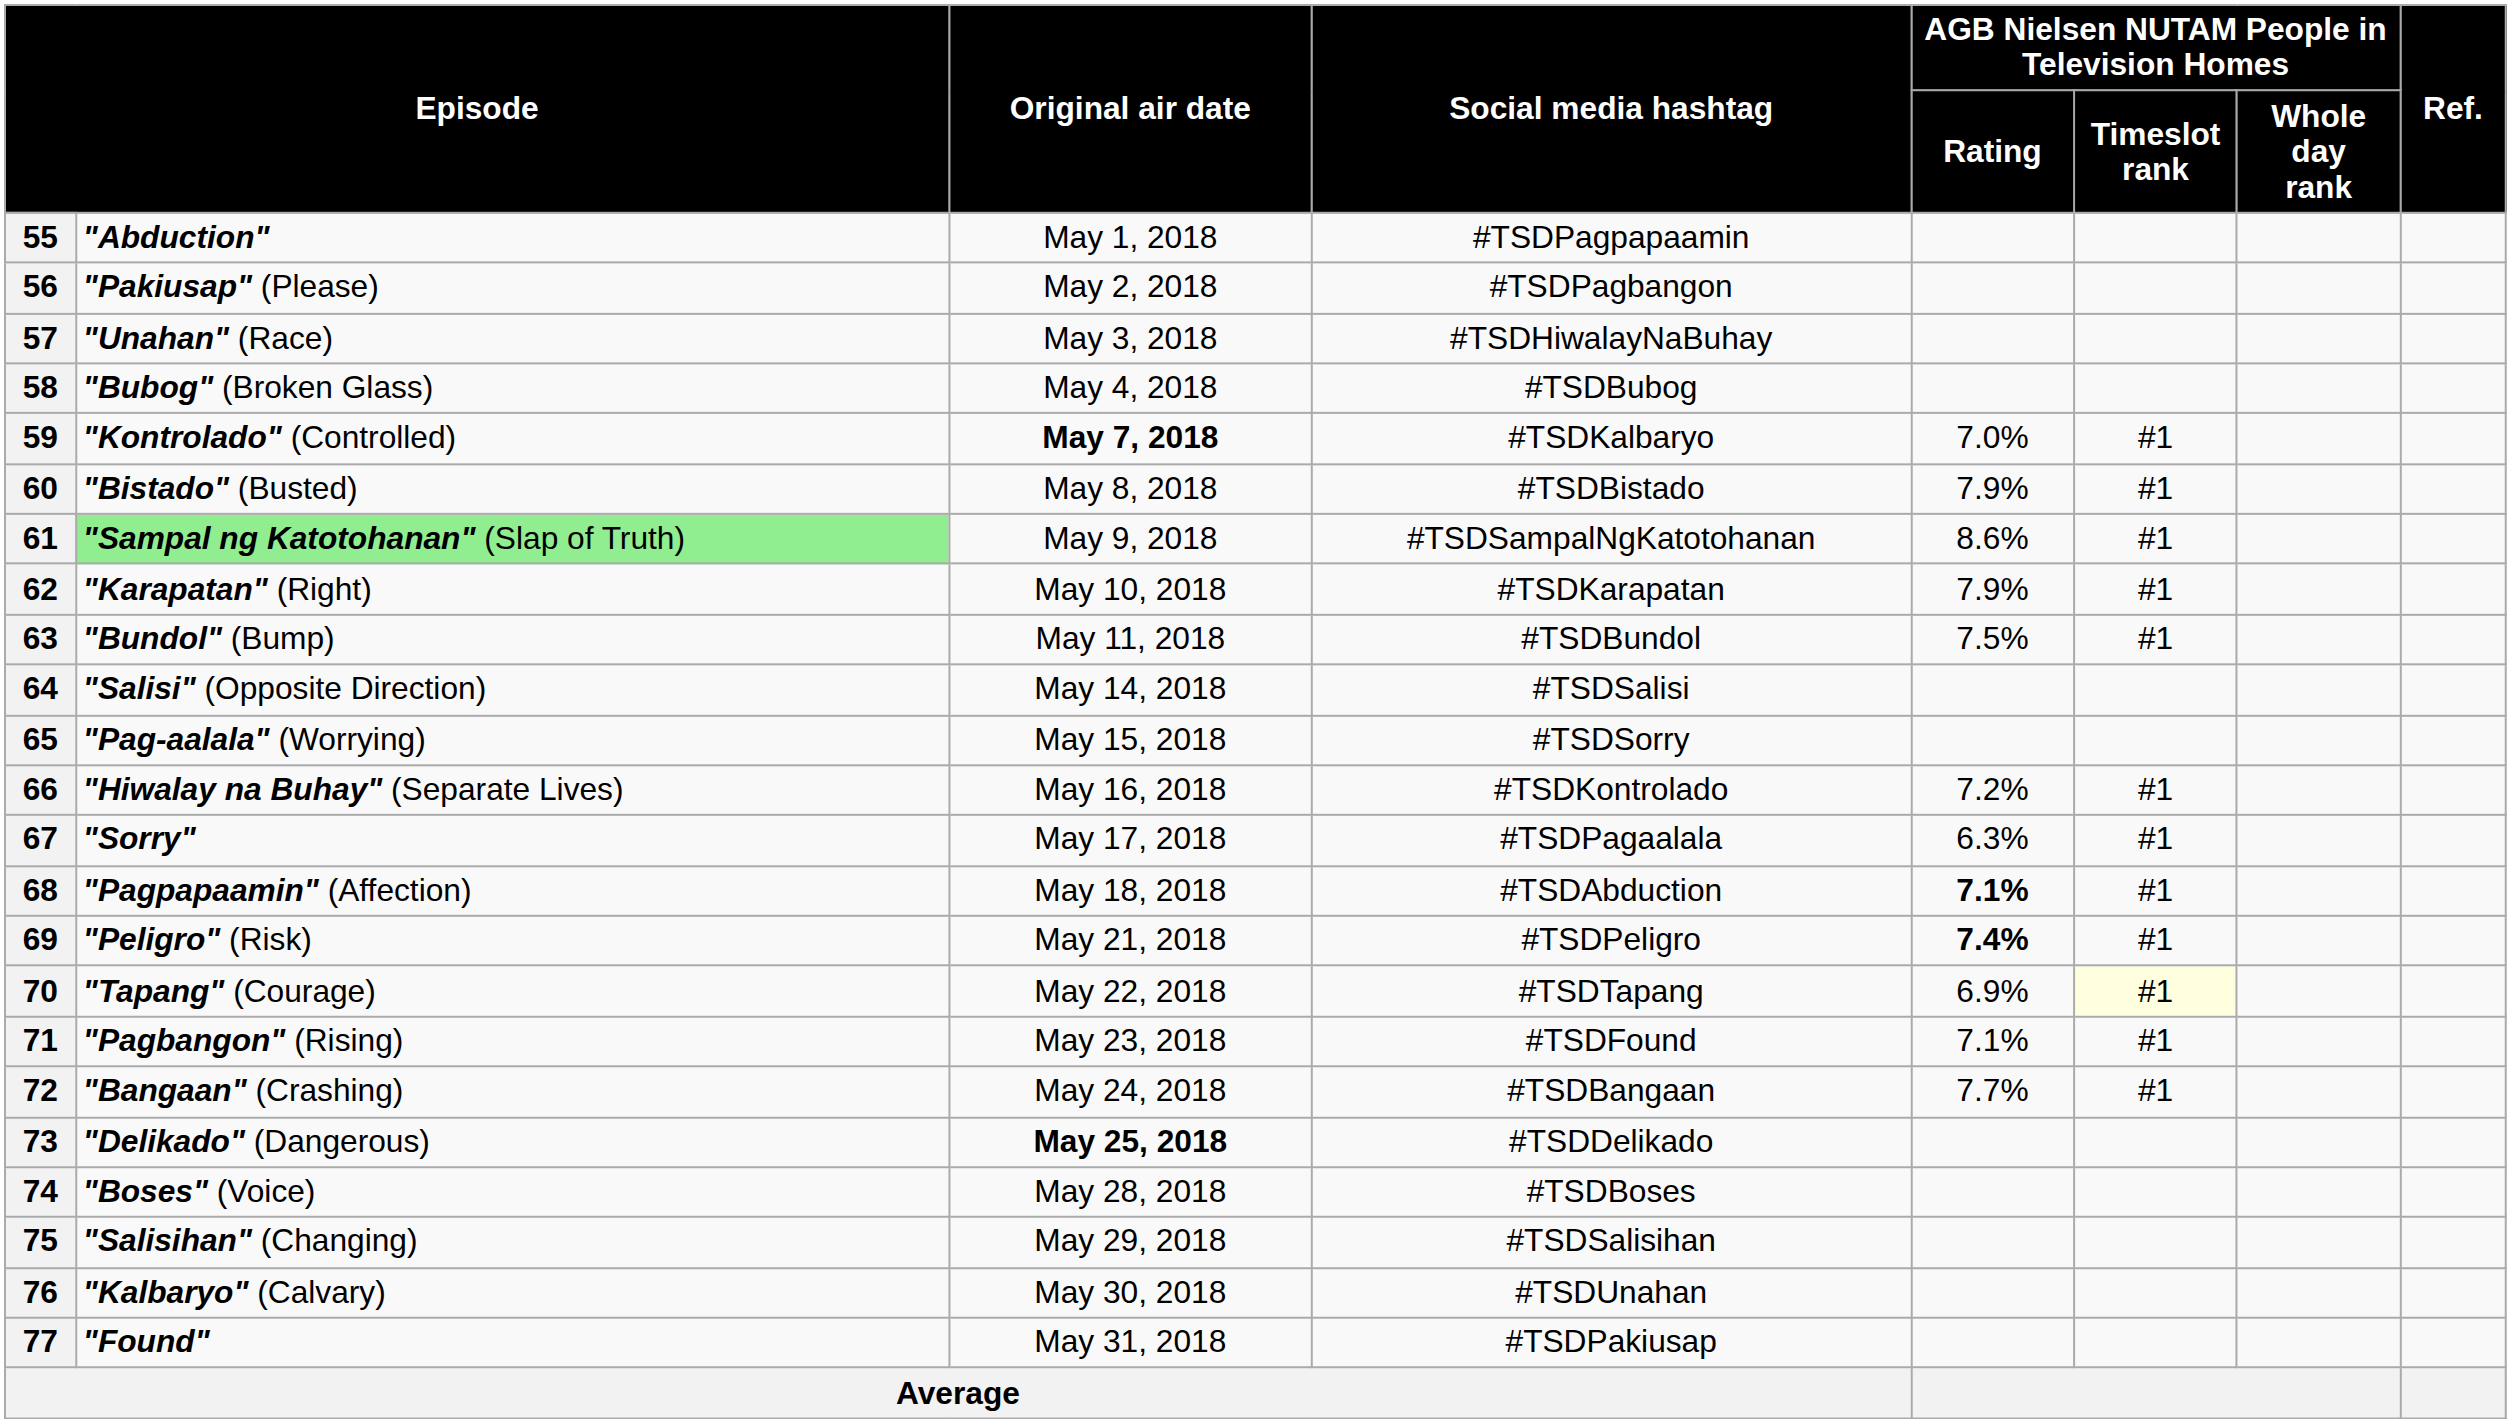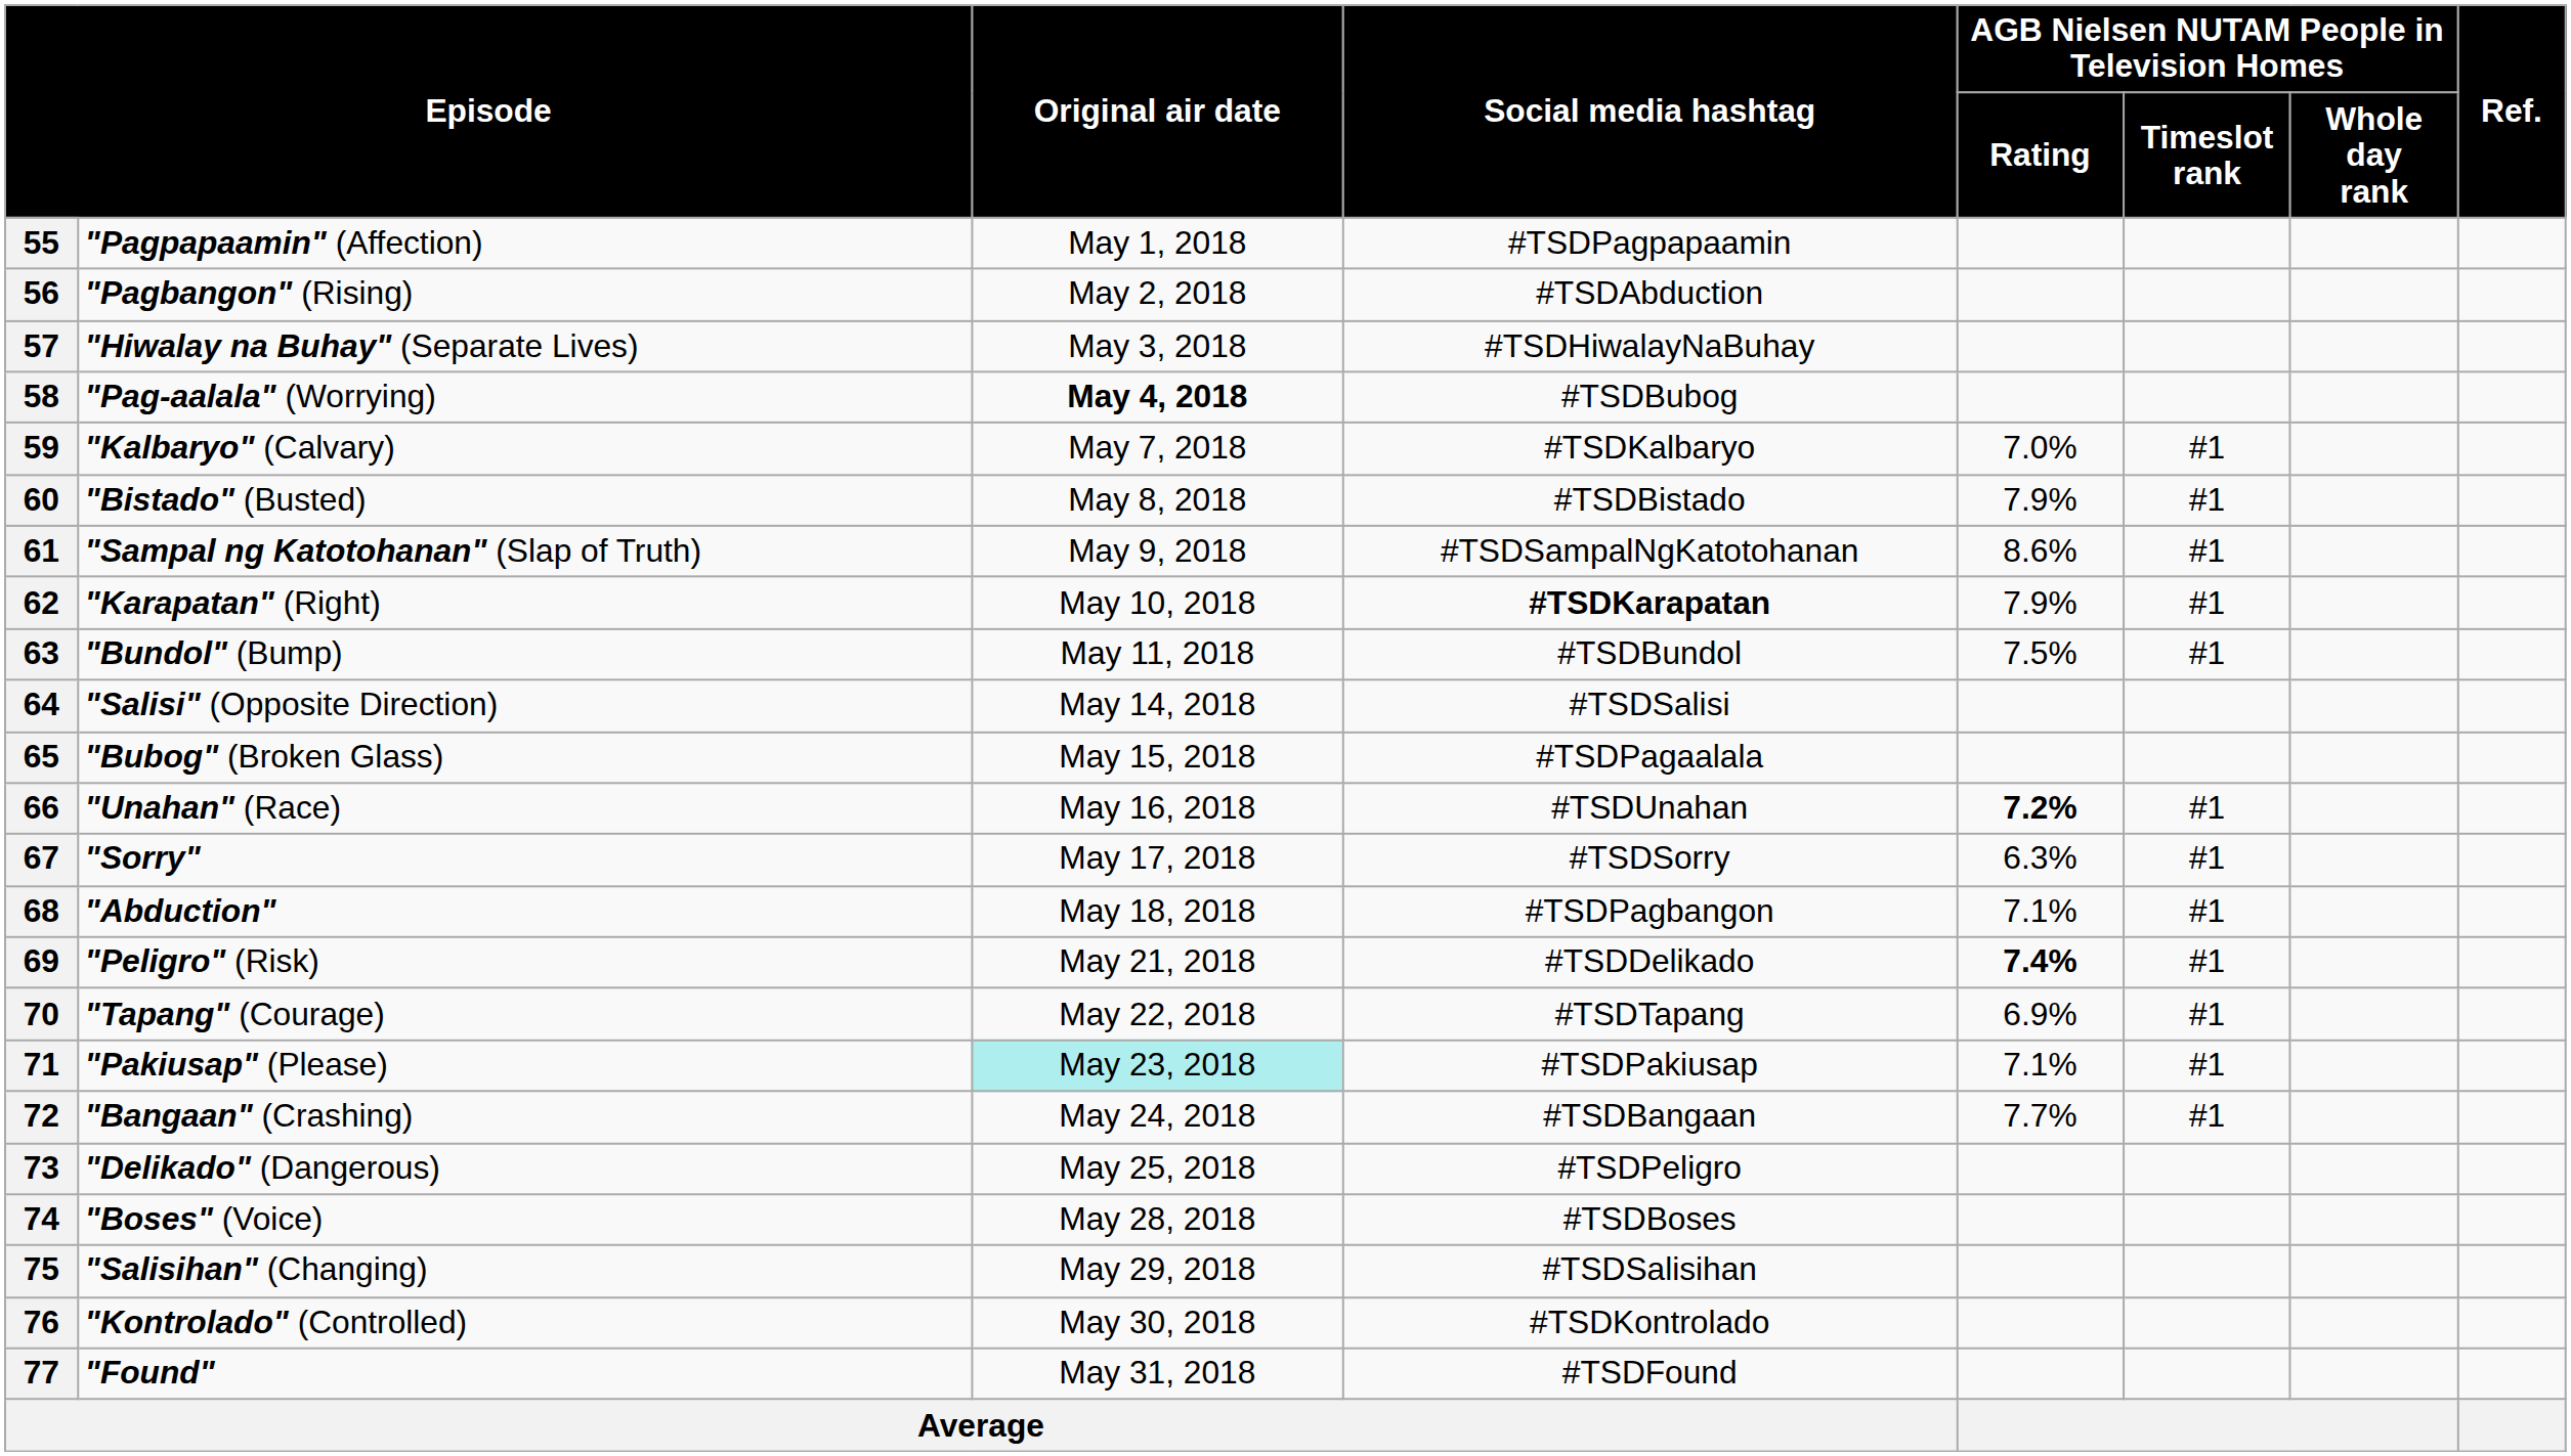 <table class="wikitable" style="text-align:center; font-size:100%; line-height:18px;" width="100%">
 <tr>
 <th style="background-color:#000000; color:#ffffff;" colspan="2" rowspan="2">Episode</th>
 <th style="background-color:#000000; color:white" rowspan="2">Original air date</th>
 <th style="background-color:#000000; color:white" rowspan="2">Social media hashtag</th>
 <th style="background-color:#000000; color:#ffffff;" colspan="3">AGB Nielsen NUTAM People in Television Homes</th>
 <th style="background-color:#000000; color:#ffffff;" rowspan="2">Ref.</th>
 </tr>
 <tr>
 <th style="background-color:#000000; width:75px; color:#ffffff;">Rating</th>
 <th style="background-color:#000000; width:75px; color:#ffffff;">Timeslot<br>rank</th>
 <th style="background-color:#000000; width:75px; color:#ffffff;">Whole day<br>rank</th>
 </tr>
 <tr>
 <th>55</th>
-<td style="text-align: left;"><strong><em>"Abduction"</em></strong></td>
+<td style="text-align: left;"><strong><em>"Pagpapaamin"</em></strong> (Affection)</td>
 <td>May 1, 2018</td>
 <td>#TSDPagpapaamin</td>
 <td></td>
 <td></td>
 <td></td>
 <td></td>
 </tr>
 <tr>
 <th>56</th>
-<td style="text-align: left;"><strong><em>"Pakiusap"</em></strong> (Please)</td>
+<td style="text-align: left;"><strong><em>"Pagbangon"</em></strong> (Rising)</td>
 <td>May 2, 2018</td>
-<td>#TSDPagbangon</td>
+<td>#TSDAbduction</td>
 <td></td>
 <td></td>
 <td></td>
 <td></td>
 </tr>
 <tr>
 <th>57</th>
-<td style="text-align: left;"><strong><em>"Unahan"</em></strong> (Race)</td>
+<td style="text-align: left;"><strong><em>"Hiwalay na Buhay"</em></strong> (Separate Lives)</td>
 <td>May 3, 2018</td>
 <td>#TSDHiwalayNaBuhay</td>
 <td></td>
 <td></td>
 <td></td>
 <td></td>
 </tr>
 <tr>
 <th>58</th>
-<td style="text-align: left;"><strong><em>"Bubog"</em></strong> (Broken Glass)</td>
-<td>May 4, 2018</td>
+<td style="text-align: left;"><strong><em>"Pag-aalala"</em></strong> (Worrying)</td>
+<td><strong>May 4, 2018</strong></td>
 <td>#TSDBubog</td>
 <td></td>
 <td></td>
 <td></td>
 <td></td>
 </tr>
 <tr>
 <th>59</th>
-<td style="text-align: left;"><strong><em>"Kontrolado"</em></strong> (Controlled)</td>
-<td><strong>May 7, 2018</strong></td>
+<td style="text-align: left;"><strong><em>"Kalbaryo"</em></strong> (Calvary)</td>
+<td>May 7, 2018</td>
 <td>#TSDKalbaryo</td>
 <td>7.0%</td>
 <td>#1</td>
 <td></td>
 <td></td>
 </tr>
 <tr>
 <th>60</th>
 <td style="text-align: left;"><strong><em>"Bistado"</em></strong> (Busted)</td>
 <td>May 8, 2018</td>
 <td>#TSDBistado</td>
 <td>7.9%</td>
 <td>#1</td>
 <td></td>
 <td></td>
 </tr>
 <tr>
 <th>61</th>
-<td style="background: lightgreen; text-align: left;"><strong><em>"Sampal ng Katotohanan"</em></strong> (Slap of Truth)</td>
+<td style="text-align: left;"><strong><em>"Sampal ng Katotohanan"</em></strong> (Slap of Truth)</td>
 <td>May 9, 2018</td>
 <td>#TSDSampalNgKatotohanan</td>
 <td>8.6%</td>
 <td>#1</td>
 <td></td>
 <td></td>
 </tr>
 <tr>
 <th>62</th>
 <td style="text-align: left;"><strong><em>"Karapatan"</em></strong> (Right)</td>
 <td>May 10, 2018</td>
-<td>#TSDKarapatan</td>
+<td><strong>#TSDKarapatan</strong></td>
 <td>7.9%</td>
 <td>#1</td>
 <td></td>
 <td></td>
 </tr>
 <tr>
 <th>63</th>
 <td style="text-align: left;"><strong><em>"Bundol"</em></strong> (Bump)</td>
 <td>May 11, 2018</td>
 <td>#TSDBundol</td>
 <td>7.5%</td>
 <td>#1</td>
 <td></td>
 <td></td>
 </tr>
 <tr>
 <th>64</th>
 <td style="text-align: left;"><strong><em>"Salisi"</em></strong> (Opposite Direction)</td>
 <td>May 14, 2018</td>
 <td>#TSDSalisi</td>
 <td></td>
 <td></td>
 <td></td>
 <td></td>
 </tr>
 <tr>
 <th>65</th>
-<td style="text-align: left;"><strong><em>"Pag-aalala"</em></strong> (Worrying)</td>
+<td style="text-align: left;"><strong><em>"Bubog"</em></strong> (Broken Glass)</td>
 <td>May 15, 2018</td>
-<td>#TSDSorry</td>
+<td>#TSDPagaalala</td>
 <td></td>
 <td></td>
 <td></td>
 <td></td>
 </tr>
 <tr>
 <th>66</th>
-<td style="text-align: left;"><strong><em>"Hiwalay na Buhay"</em></strong> (Separate Lives)</td>
+<td style="text-align: left;"><strong><em>"Unahan"</em></strong> (Race)</td>
 <td>May 16, 2018</td>
-<td>#TSDKontrolado</td>
-<td>7.2%</td>
+<td>#TSDUnahan</td>
+<td><strong>7.2%</strong></td>
 <td>#1</td>
 <td></td>
 <td></td>
 </tr>
 <tr>
 <th>67</th>
 <td style="text-align: left;"><strong><em>"Sorry"</em></strong></td>
 <td>May 17, 2018</td>
-<td>#TSDPagaalala</td>
+<td>#TSDSorry</td>
 <td>6.3%</td>
 <td>#1</td>
 <td></td>
 <td></td>
 </tr>
 <tr>
 <th>68</th>
-<td style="text-align: left;"><strong><em>"Pagpapaamin"</em></strong> (Affection)</td>
+<td style="text-align: left;"><strong><em>"Abduction"</em></strong></td>
 <td>May 18, 2018</td>
-<td>#TSDAbduction</td>
-<td><strong>7.1%</strong></td>
+<td>#TSDPagbangon</td>
+<td>7.1%</td>
 <td>#1</td>
 <td></td>
 <td></td>
 </tr>
 <tr>
 <th>69</th>
 <td style="text-align: left;"><strong><em>"Peligro"</em></strong> (Risk)</td>
 <td>May 21, 2018</td>
-<td>#TSDPeligro</td>
+<td>#TSDDelikado</td>
 <td><strong>7.4%</strong></td>
 <td>#1</td>
 <td></td>
 <td></td>
 </tr>
 <tr>
 <th>70</th>
 <td style="text-align: left;"><strong><em>"Tapang"</em></strong> (Courage)</td>
 <td>May 22, 2018</td>
 <td>#TSDTapang</td>
 <td>6.9%</td>
-<td style="background: lightyellow;">#1</td>
+<td>#1</td>
 <td></td>
 <td></td>
 </tr>
 <tr>
 <th>71</th>
-<td style="text-align: left;"><strong><em>"Pagbangon"</em></strong> (Rising)</td>
-<td>May 23, 2018</td>
-<td>#TSDFound</td>
+<td style="text-align: left;"><strong><em>"Pakiusap"</em></strong> (Please)</td>
+<td style="background: paleturquoise;">May 23, 2018</td>
+<td>#TSDPakiusap</td>
 <td>7.1%</td>
 <td>#1</td>
 <td></td>
 <td></td>
 </tr>
 <tr>
 <th>72</th>
 <td style="text-align: left;"><strong><em>"Bangaan"</em></strong> (Crashing)</td>
 <td>May 24, 2018</td>
 <td>#TSDBangaan</td>
 <td>7.7%</td>
 <td>#1</td>
 <td></td>
 <td></td>
 </tr>
 <tr>
 <th>73</th>
 <td style="text-align: left;"><strong><em>"Delikado"</em></strong> (Dangerous)</td>
-<td><strong>May 25, 2018</strong></td>
-<td>#TSDDelikado</td>
+<td>May 25, 2018</td>
+<td>#TSDPeligro</td>
 <td></td>
 <td></td>
 <td></td>
 <td></td>
 </tr>
 <tr>
 <th>74</th>
 <td style="text-align: left;"><strong><em>"Boses"</em></strong> (Voice)</td>
 <td>May 28, 2018</td>
 <td>#TSDBoses</td>
 <td></td>
 <td></td>
 <td></td>
 <td></td>
 </tr>
 <tr>
 <th>75</th>
 <td style="text-align: left;"><strong><em>"Salisihan"</em></strong> (Changing)</td>
 <td>May 29, 2018</td>
 <td>#TSDSalisihan</td>
 <td></td>
 <td></td>
 <td></td>
 <td></td>
 </tr>
 <tr>
 <th>76</th>
-<td style="text-align: left;"><strong><em>"Kalbaryo"</em></strong> (Calvary)</td>
+<td style="text-align: left;"><strong><em>"Kontrolado"</em></strong> (Controlled)</td>
 <td>May 30, 2018</td>
-<td>#TSDUnahan</td>
+<td>#TSDKontrolado</td>
 <td></td>
 <td></td>
 <td></td>
 <td></td>
 </tr>
 <tr>
 <th>77</th>
 <td style="text-align: left;"><strong><em>"Found"</em></strong></td>
 <td>May 31, 2018</td>
-<td>#TSDPakiusap</td>
+<td>#TSDFound</td>
 <td></td>
 <td></td>
 <td></td>
 <td></td>
 </tr>
 <tr>
 <th colspan="4">Average</th>
 <th colspan="3"></th>
 <th></th>
 </tr>
 <tr>
 </tr>
 </table>
